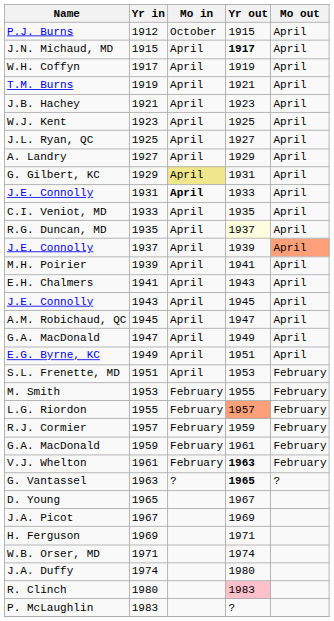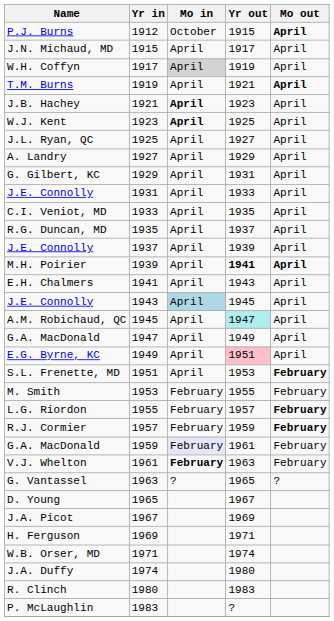 <table class="wikitable sortable">
 <tr>
 <th>Name</th>
 <th>Yr in</th>
 <th>Mo in</th>
 <th>Yr out</th>
 <th>Mo out</th>
 </tr>
 <tr>
 <td><a href='#'>P.J. Burns</a></td>
 <td>1912</td>
 <td>October</td>
 <td>1915</td>
-<td>April</td>
+<td><strong>April</strong></td>
 </tr>
 <tr>
 <td>J.N. Michaud, MD</td>
 <td>1915</td>
 <td>April</td>
-<td><strong>1917</strong></td>
+<td>1917</td>
 <td>April</td>
 </tr>
 <tr>
 <td>W.H. Coffyn</td>
 <td>1917</td>
-<td>April</td>
+<td style="background: lightgrey;">April</td>
 <td>1919</td>
 <td>April</td>
 </tr>
 <tr>
 <td><a href='#'>T.M. Burns</a></td>
 <td>1919</td>
 <td>April</td>
 <td>1921</td>
-<td>April</td>
+<td><strong>April</strong></td>
 </tr>
 <tr>
 <td>J.B. Hachey</td>
 <td>1921</td>
-<td>April</td>
+<td><strong>April</strong></td>
 <td>1923</td>
 <td>April</td>
 </tr>
 <tr>
 <td>W.J. Kent</td>
 <td>1923</td>
-<td>April</td>
+<td><strong>April</strong></td>
 <td>1925</td>
 <td>April</td>
 </tr>
 <tr>
 <td>J.L. Ryan, QC</td>
 <td>1925</td>
 <td>April</td>
 <td>1927</td>
 <td>April</td>
 </tr>
 <tr>
 <td>A. Landry</td>
 <td>1927</td>
 <td>April</td>
 <td>1929</td>
 <td>April</td>
 </tr>
 <tr>
 <td>G. Gilbert, KC</td>
 <td>1929</td>
-<td style="background: khaki;">April</td>
+<td>April</td>
 <td>1931</td>
 <td>April</td>
 </tr>
 <tr>
 <td><a href='#'>J.E. Connolly</a></td>
 <td>1931</td>
-<td><strong>April</strong></td>
+<td>April</td>
 <td>1933</td>
 <td>April</td>
 </tr>
 <tr>
 <td>C.I. Veniot, MD</td>
 <td>1933</td>
 <td>April</td>
 <td>1935</td>
 <td>April</td>
 </tr>
 <tr>
 <td>R.G. Duncan, MD</td>
 <td>1935</td>
 <td>April</td>
-<td style="background: lightyellow;">1937</td>
+<td>1937</td>
 <td>April</td>
 </tr>
 <tr>
 <td><a href='#'>J.E. Connolly</a></td>
 <td>1937</td>
 <td>April</td>
 <td>1939</td>
-<td style="background: lightsalmon;">April</td>
+<td>April</td>
 </tr>
 <tr>
 <td>M.H. Poirier</td>
 <td>1939</td>
 <td>April</td>
-<td>1941</td>
-<td>April</td>
+<td><strong>1941</strong></td>
+<td><strong>April</strong></td>
 </tr>
 <tr>
 <td>E.H. Chalmers</td>
 <td>1941</td>
 <td>April</td>
 <td>1943</td>
 <td>April</td>
 </tr>
 <tr>
 <td><a href='#'>J.E. Connolly</a></td>
 <td>1943</td>
-<td>April</td>
+<td style="background: lightblue;">April</td>
 <td>1945</td>
 <td>April</td>
 </tr>
 <tr>
 <td>A.M. Robichaud, QC</td>
 <td>1945</td>
 <td>April</td>
-<td>1947</td>
+<td style="background: paleturquoise;">1947</td>
 <td>April</td>
 </tr>
 <tr>
 <td>G.A. MacDonald</td>
 <td>1947</td>
 <td>April</td>
 <td>1949</td>
 <td>April</td>
 </tr>
 <tr>
 <td><a href='#'>E.G. Byrne, KC</a></td>
 <td>1949</td>
 <td>April</td>
-<td>1951</td>
+<td style="background: pink;">1951</td>
 <td>April</td>
 </tr>
 <tr>
 <td>S.L. Frenette, MD</td>
 <td>1951</td>
 <td>April</td>
 <td>1953</td>
-<td>February</td>
+<td><strong>February</strong></td>
 </tr>
 <tr>
 <td>M. Smith</td>
 <td>1953</td>
 <td>February</td>
 <td>1955</td>
 <td>February</td>
 </tr>
 <tr>
 <td>L.G. Riordon</td>
 <td>1955</td>
 <td>February</td>
-<td style="background: lightsalmon;">1957</td>
-<td>February</td>
+<td>1957</td>
+<td><strong>February</strong></td>
 </tr>
 <tr>
 <td>R.J. Cormier</td>
 <td>1957</td>
 <td>February</td>
 <td>1959</td>
-<td>February</td>
+<td><strong>February</strong></td>
 </tr>
 <tr>
 <td>G.A. MacDonald</td>
 <td>1959</td>
-<td>February</td>
+<td style="background: lavender;">February</td>
 <td>1961</td>
 <td>February</td>
 </tr>
 <tr>
 <td>V.J. Whelton</td>
 <td>1961</td>
-<td>February</td>
-<td><strong>1963</strong></td>
+<td><strong>February</strong></td>
+<td>1963</td>
 <td>February</td>
 </tr>
 <tr>
 <td>G. Vantassel</td>
 <td>1963</td>
 <td>?</td>
-<td><strong>1965</strong></td>
+<td>1965</td>
 <td>?</td>
 </tr>
 <tr>
 <td>D. Young</td>
 <td>1965</td>
 <td></td>
 <td>1967</td>
 <td></td>
 </tr>
 <tr>
 <td>J.A. Picot</td>
 <td>1967</td>
 <td></td>
 <td>1969</td>
 <td></td>
 </tr>
 <tr>
 <td>H. Ferguson</td>
 <td>1969</td>
 <td></td>
 <td>1971</td>
 <td></td>
 </tr>
 <tr>
 <td>W.B. Orser, MD</td>
 <td>1971</td>
 <td></td>
 <td>1974</td>
 <td></td>
 </tr>
 <tr>
 <td>J.A. Duffy</td>
 <td>1974</td>
 <td></td>
 <td>1980</td>
 <td></td>
 </tr>
 <tr>
 <td>R. Clinch</td>
 <td>1980</td>
 <td></td>
-<td style="background: pink;">1983</td>
+<td>1983</td>
 <td></td>
 </tr>
 <tr>
 <td>P. McLaughlin</td>
 <td>1983</td>
 <td></td>
 <td>?</td>
 <td></td>
 </tr>
 <tr>
 </tr>
 </table>
